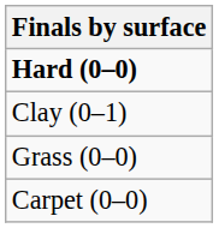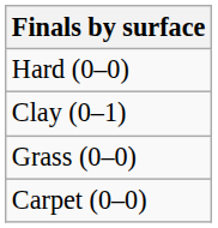 <table class=wikitable style=font-size:97%>
 <tr>
 <th>Finals by surface</th>
 </tr>
 <tr>
-<td><strong>Hard (0–0)</strong></td>
+<td>Hard (0–0)</td>
 </tr>
 <tr>
 <td>Clay (0–1)</td>
 </tr>
 <tr>
 <td>Grass (0–0)</td>
 </tr>
 <tr>
 <td>Carpet (0–0)</td>
 </tr>
 </table>
